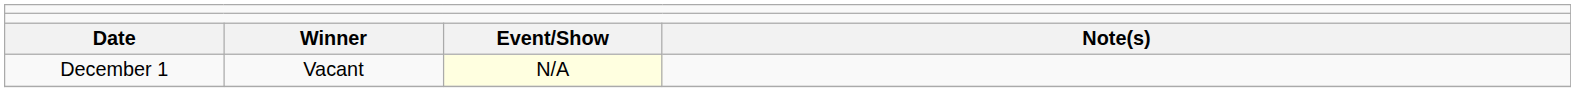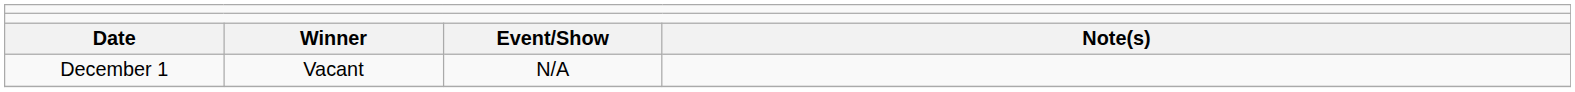 <table class="wikitable" style="text-align:center; width:100%;">
 <tr>
 <td colspan="5"></td>
 </tr>
 <tr>
 <td colspan="5"><strong></strong></td>
 </tr>
 <tr>
 <th width=14%>Date</th>
 <th width=14%>Winner</th>
 <th width=14%>Event/Show</th>
 <th width=58%>Note(s)</th>
 </tr>
 <tr>
 <td>December 1</td>
 <td>Vacant</td>
-<td style="background: lightyellow;">N/A</td>
+<td>N/A</td>
 <td align=left></td>
 </tr>
 <tr>
 </tr>
 </table>
